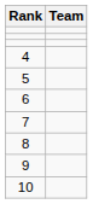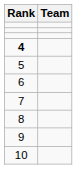 <table class="wikitable" style="text-align:center;">
 <tr>
 <th width=40>Rank</th>
 <th>Team</th>
 </tr>
 <tr>
 <td></td>
 <td style="text-align:left;"></td>
 </tr>
 <tr>
 <td></td>
 <td style="text-align:left;"></td>
 </tr>
 <tr>
 <td></td>
 <td style="text-align:left;"></td>
 </tr>
 <tr>
-<td>4</td>
+<td><strong>4</strong></td>
 <td style="text-align:left;"></td>
 </tr>
 <tr>
 <td>5</td>
 <td style="text-align:left;"></td>
 </tr>
 <tr>
 <td>6</td>
 <td style="text-align:left;"></td>
 </tr>
 <tr>
 <td>7</td>
 <td style="text-align:left;"></td>
 </tr>
 <tr>
 <td>8</td>
 <td style="text-align:left;"></td>
 </tr>
 <tr>
 <td>9</td>
 <td style="text-align:left;"></td>
 </tr>
 <tr>
 <td>10</td>
 <td style="text-align:left;"></td>
 </tr>
 </table>
